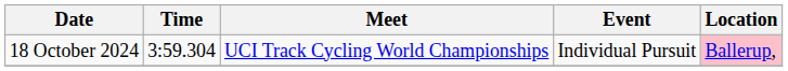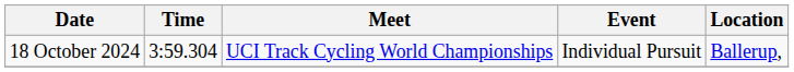 <table class="wikitable">
 <tr>
 <th>Date</th>
 <th>Time</th>
 <th>Meet</th>
 <th>Event</th>
 <th>Location</th>
 </tr>
 <tr>
 <td>18 October 2024</td>
 <td>3:59.304</td>
 <td><a href='#'>UCI Track Cycling World Championships</a></td>
 <td>Individual Pursuit</td>
-<td style="background: pink;"><a href='#'>Ballerup</a>, </td>
+<td><a href='#'>Ballerup</a>, </td>
 </tr>
 <tr>
 </tr>
 </table>
